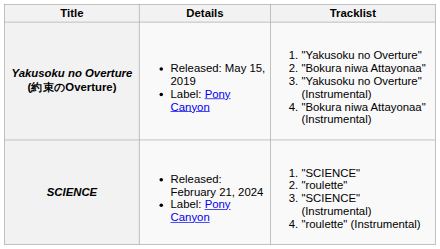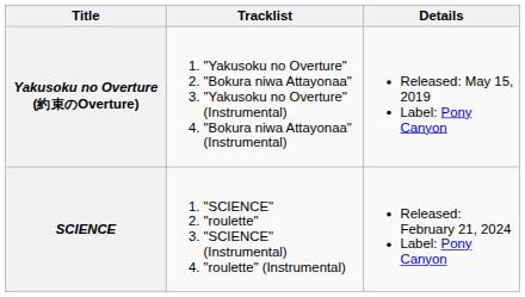 <table class="wikitable plainrowheaders">
 <tr>
 <th>Title</th>
+<th>Tracklist</th>
 <th>Details</th>
-<th>Tracklist</th>
 </tr>
 <tr>
 <th scope="row"><em>Yakusoku no Overture</em> (約束のOverture)</th>
+<td><br><ol><li>"Yakusoku no Overture"</li><li>"Bokura niwa Attayonaa"</li><li>"Yakusoku no Overture" (Instrumental)</li><li>"Bokura niwa Attayonaa" (Instrumental)</li></ol></td>
 <td><br><ul><li>Released: May 15, 2019</li><li>Label: <a href='#'>Pony Canyon</a></li></ul></td>
-<td><br><ol><li>"Yakusoku no Overture"</li><li>"Bokura niwa Attayonaa"</li><li>"Yakusoku no Overture" (Instrumental)</li><li>"Bokura niwa Attayonaa" (Instrumental)</li></ol></td>
 </tr>
 <tr>
 <th><em>SCIENCE</em></th>
+<td><br><ol><li>"SCIENCE"</li><li>"roulette"</li><li>"SCIENCE" (Instrumental)</li><li>"roulette" (Instrumental)</li></ol></td>
 <td><br><ul><li>Released: February 21, 2024</li><li>Label: <a href='#'>Pony Canyon</a></li></ul></td>
-<td><br><ol><li>"SCIENCE"</li><li>"roulette"</li><li>"SCIENCE" (Instrumental)</li><li>"roulette" (Instrumental)</li></ol></td>
 </tr>
 </table>
